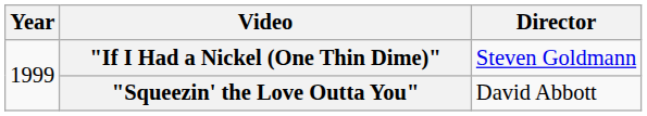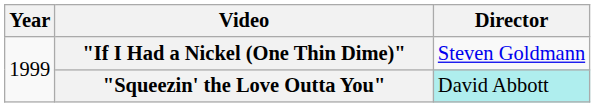 <table class="wikitable plainrowheaders">
 <tr>
 <th>Year</th>
 <th style="width:18em;">Video</th>
 <th>Director</th>
 </tr>
 <tr>
 <td rowspan="2">1999</td>
 <th scope="row">"If I Had a Nickel (One Thin Dime)"</th>
 <td><a href='#'>Steven Goldmann</a></td>
 </tr>
 <tr>
 <th scope="row">"Squeezin' the Love Outta You"</th>
-<td>David Abbott</td>
+<td style="background: paleturquoise;">David Abbott</td>
 </tr>
 </table>
